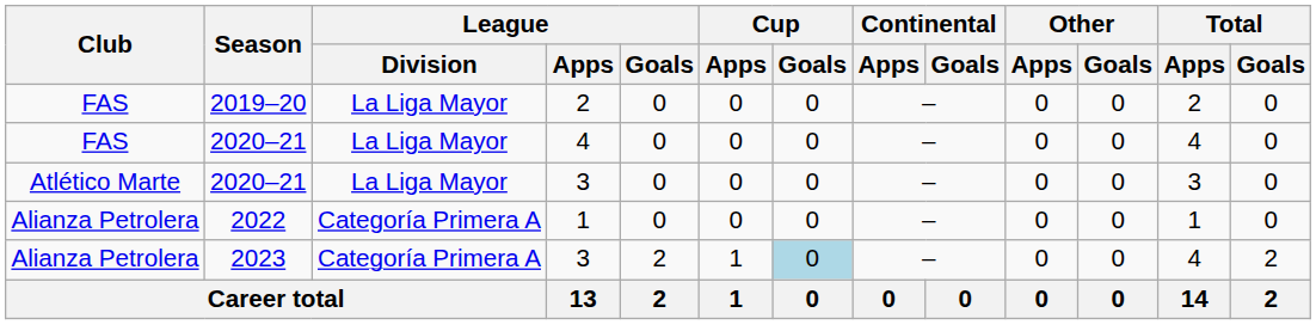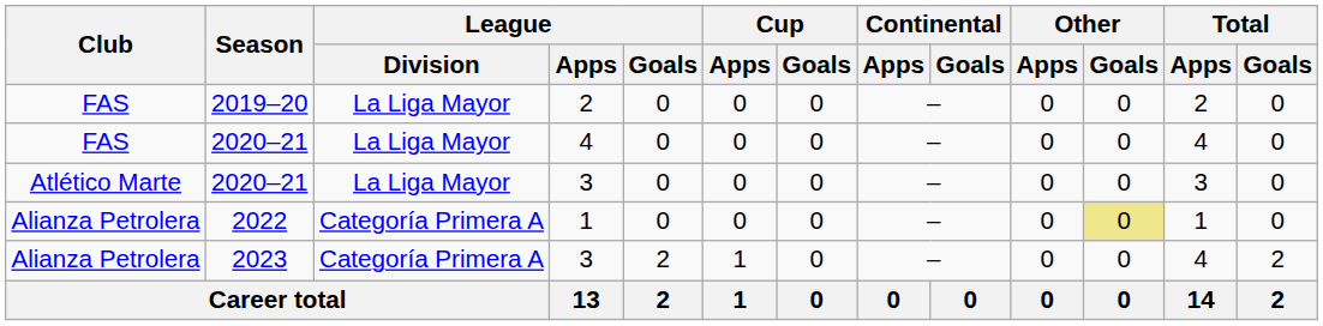 <table class="wikitable" style="text-align: center">
 <tr>
 <th rowspan="2">Club</th>
 <th rowspan="2">Season</th>
 <th colspan="3">League</th>
 <th colspan="2">Cup</th>
 <th colspan="2">Continental</th>
 <th colspan="2">Other</th>
 <th colspan="2">Total</th>
 </tr>
 <tr>
 <th>Division</th>
 <th>Apps</th>
 <th>Goals</th>
 <th>Apps</th>
 <th>Goals</th>
 <th>Apps</th>
 <th>Goals</th>
 <th>Apps</th>
 <th>Goals</th>
 <th>Apps</th>
 <th>Goals</th>
 </tr>
 <tr>
 <td><a href='#'>FAS</a></td>
 <td><a href='#'>2019–20</a></td>
 <td><a href='#'>La Liga Mayor</a></td>
 <td>2</td>
 <td>0</td>
 <td>0</td>
 <td>0</td>
 <td colspan="2">–</td>
 <td>0</td>
 <td>0</td>
 <td>2</td>
 <td>0</td>
 </tr>
 <tr>
 <td><a href='#'>FAS</a></td>
 <td><a href='#'>2020–21</a></td>
 <td><a href='#'>La Liga Mayor</a></td>
 <td>4</td>
 <td>0</td>
 <td>0</td>
 <td>0</td>
 <td colspan="2">–</td>
 <td>0</td>
 <td>0</td>
 <td>4</td>
 <td>0</td>
 </tr>
 <tr>
 <td><a href='#'>Atlético Marte</a></td>
 <td><a href='#'>2020–21</a></td>
 <td><a href='#'>La Liga Mayor</a></td>
 <td>3</td>
 <td>0</td>
 <td>0</td>
 <td>0</td>
 <td colspan="2">–</td>
 <td>0</td>
 <td>0</td>
 <td>3</td>
 <td>0</td>
 </tr>
 <tr>
 <td><a href='#'>Alianza Petrolera</a></td>
 <td><a href='#'>2022</a></td>
 <td><a href='#'>Categoría Primera A</a></td>
 <td>1</td>
 <td>0</td>
 <td>0</td>
 <td>0</td>
 <td colspan="2">–</td>
 <td>0</td>
-<td>0</td>
+<td style="background: khaki;">0</td>
 <td>1</td>
 <td>0</td>
 </tr>
 <tr>
 <td><a href='#'>Alianza Petrolera</a></td>
 <td><a href='#'>2023</a></td>
 <td><a href='#'>Categoría Primera A</a></td>
 <td>3</td>
 <td>2</td>
 <td>1</td>
-<td style="background: lightblue;">0</td>
+<td>0</td>
 <td colspan="2">–</td>
 <td>0</td>
 <td>0</td>
 <td>4</td>
 <td>2</td>
 </tr>
 <tr>
 <th colspan=3>Career total</th>
 <th>13</th>
 <th>2</th>
 <th>1</th>
 <th>0</th>
 <th>0</th>
 <th>0</th>
 <th>0</th>
 <th>0</th>
 <th>14</th>
 <th>2</th>
 </tr>
 </table>
